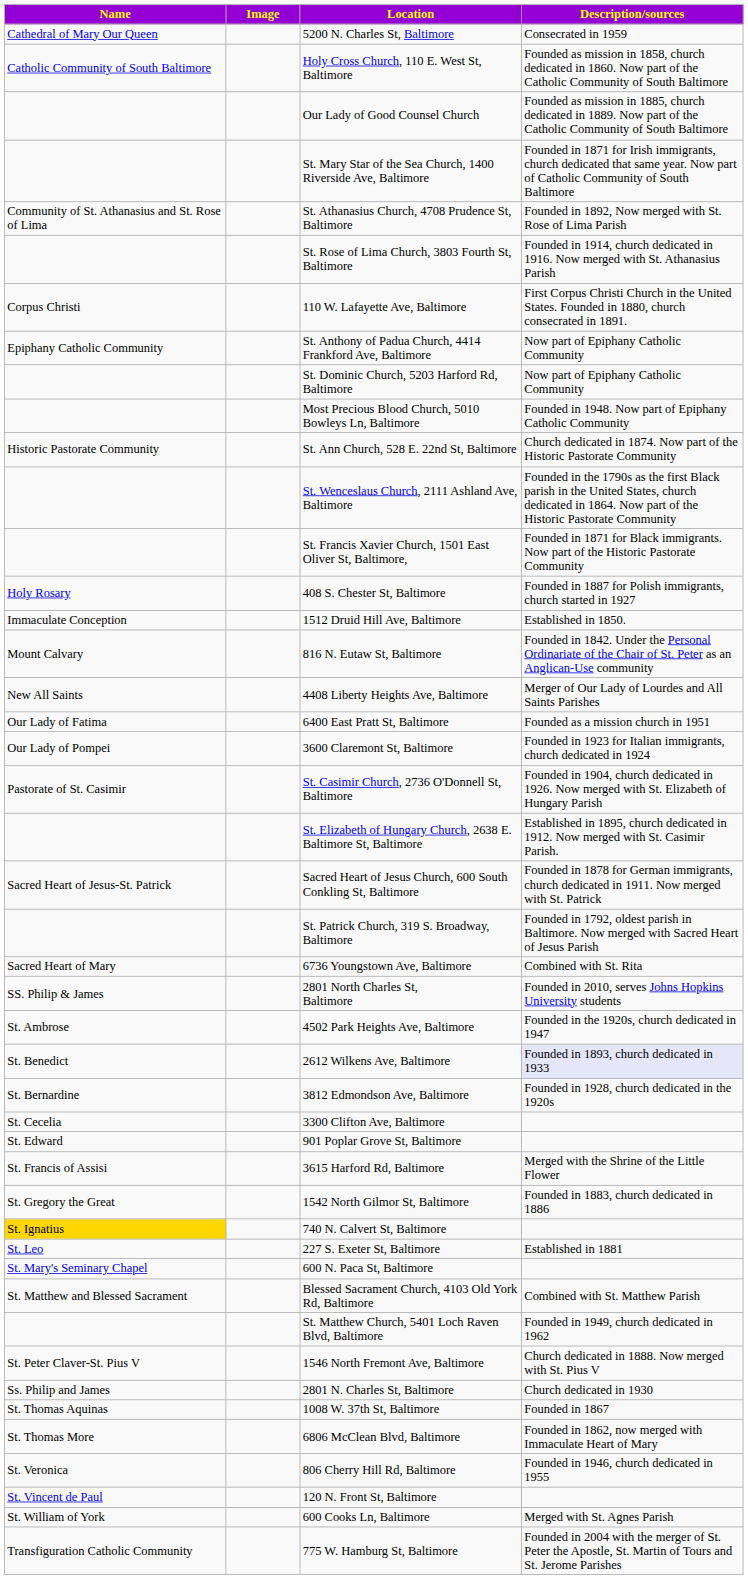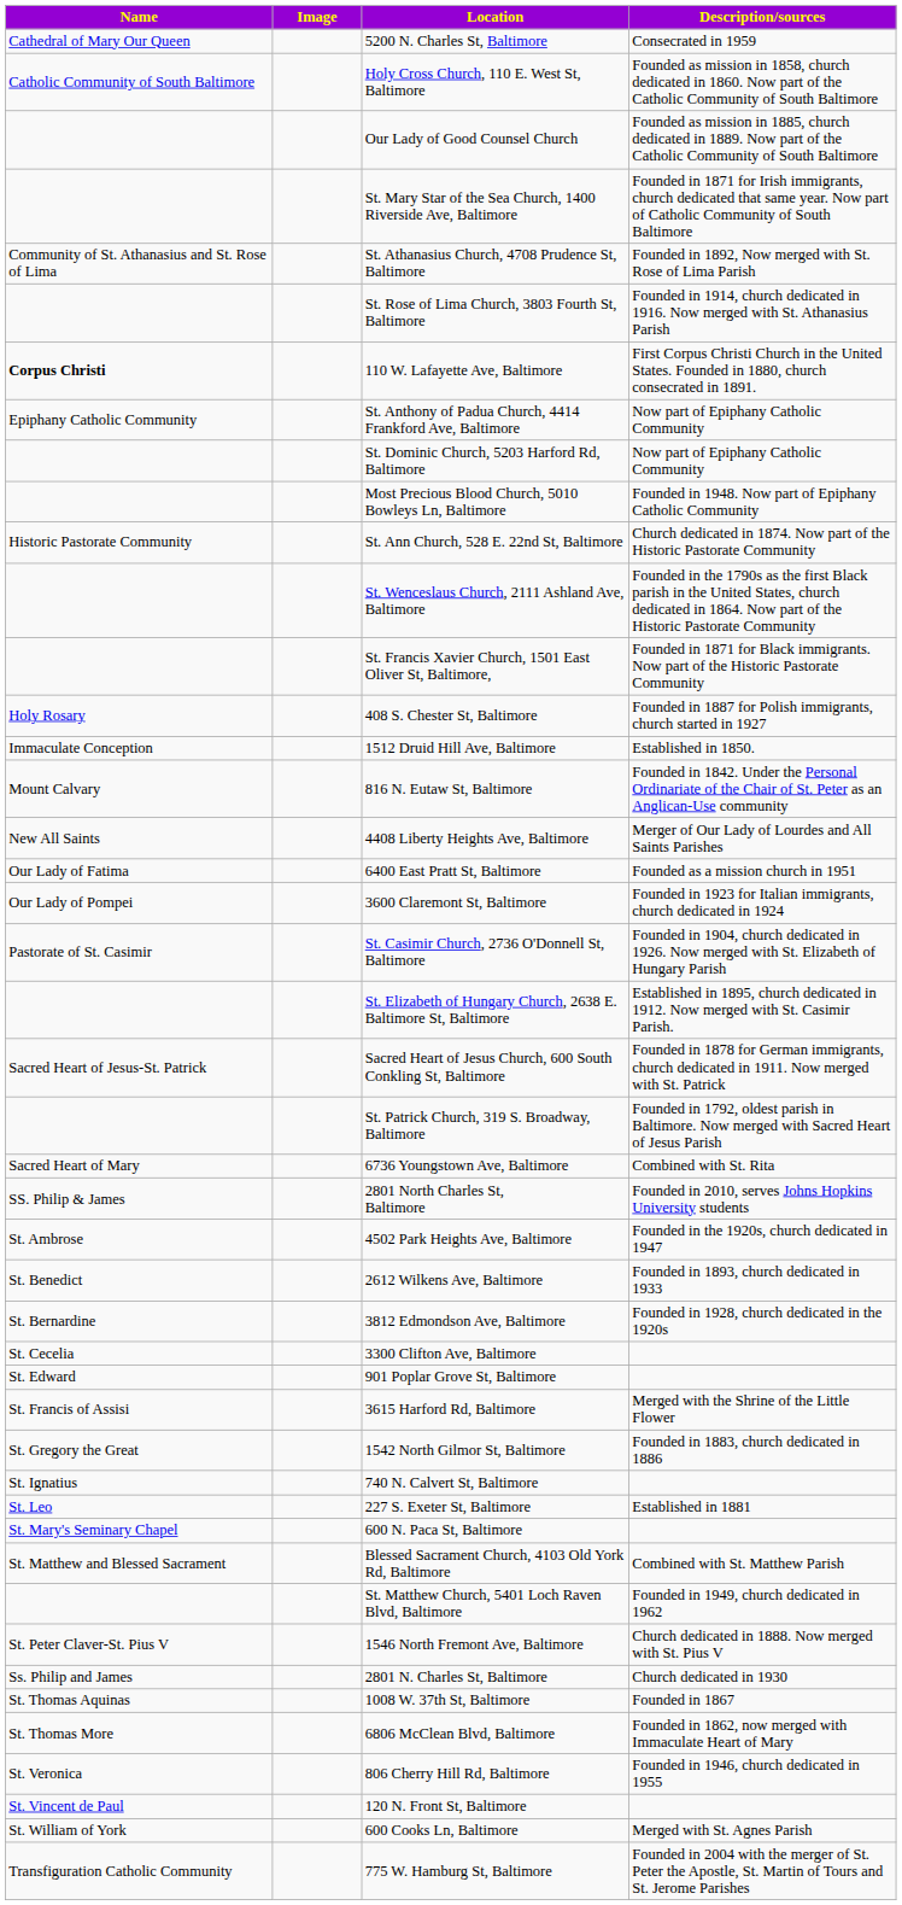 <table class="wikitable sortable" style="width:75%">
 <tr>
 <th style="background:darkviolet; color:yellow;" width="30%"><strong>Name</strong></th>
 <th style="background:darkviolet; color:yellow;" width="10%"><strong>Image</strong></th>
 <th style="background:darkviolet; color:yellow;" width="30%"><strong>Location</strong></th>
 <th style="background:darkviolet; color:yellow;" width="30%"><strong>Description/sources</strong></th>
 </tr>
 <tr>
 <td><a href='#'>Cathedral of Mary Our Queen</a></td>
 <td></td>
 <td>5200 N. Charles St, <a href='#'>Baltimore</a></td>
 <td>Consecrated in 1959</td>
 </tr>
 <tr>
 <td><a href='#'>Catholic Community of South Baltimore</a></td>
 <td></td>
 <td><a href='#'>Holy Cross Church</a>, 110 E. West St, Baltimore</td>
 <td>Founded as mission in 1858, church dedicated in 1860. Now part of the  Catholic Community of South Baltimore</td>
 </tr>
 <tr>
 <td></td>
 <td></td>
 <td>Our Lady of Good Counsel Church</td>
 <td>Founded as mission in 1885, church dedicated in 1889. Now part of the  Catholic Community of South Baltimore</td>
 </tr>
 <tr>
 <td></td>
 <td></td>
 <td>St. Mary Star of the Sea Church, 1400 Riverside Ave, Baltimore</td>
 <td>Founded in 1871 for Irish immigrants, church dedicated that same year. Now part of Catholic Community of South Baltimore</td>
 </tr>
 <tr>
 <td>Community of St. Athanasius and St. Rose of Lima</td>
 <td></td>
 <td>St. Athanasius Church, 4708 Prudence St, Baltimore</td>
 <td>Founded in 1892, Now merged with St. Rose of Lima Parish</td>
 </tr>
 <tr>
 <td></td>
 <td></td>
 <td>St. Rose of Lima Church, 3803 Fourth St, Baltimore</td>
 <td>Founded in 1914, church dedicated in 1916. Now merged with St. Athanasius Parish</td>
 </tr>
 <tr>
-<td>Corpus Christi</td>
+<td><strong>Corpus Christi</strong></td>
 <td></td>
 <td>110 W. Lafayette Ave, Baltimore</td>
 <td>First Corpus Christi Church in the United States. Founded in 1880, church consecrated in 1891.</td>
 </tr>
 <tr>
 <td>Epiphany Catholic Community</td>
 <td></td>
 <td>St. Anthony of Padua Church, 4414 Frankford Ave, Baltimore               </td>
 <td>Now part of Epiphany Catholic Community</td>
 </tr>
 <tr>
 <td></td>
 <td></td>
 <td>St. Dominic Church, 5203 Harford Rd, Baltimore</td>
 <td>Now part of Epiphany Catholic Community</td>
 </tr>
 <tr>
 <td></td>
 <td></td>
 <td>Most Precious Blood Church, 5010 Bowleys Ln, Baltimore</td>
 <td>Founded in 1948. Now part of Epiphany Catholic Community</td>
 </tr>
 <tr>
 <td>Historic Pastorate Community</td>
 <td></td>
 <td>St. Ann Church, 528 E. 22nd St, Baltimore</td>
 <td>Church dedicated in 1874. Now part of the Historic Pastorate Community</td>
 </tr>
 <tr>
 <td></td>
 <td></td>
 <td><a href='#'>St. Wenceslaus Church</a>, 2111 Ashland Ave, Baltimore</td>
 <td>Founded in the 1790s as the first Black parish in the United States, church dedicated in 1864. Now part of the Historic Pastorate Community</td>
 </tr>
 <tr>
 <td></td>
 <td></td>
 <td>St. Francis Xavier Church, 1501 East Oliver St, Baltimore,</td>
 <td>Founded in 1871 for Black immigrants. Now part of the Historic Pastorate Community</td>
 </tr>
 <tr>
 <td><a href='#'>Holy Rosary</a></td>
 <td></td>
 <td>408 S. Chester St, Baltimore</td>
 <td>Founded in 1887 for Polish immigrants, church started in 1927</td>
 </tr>
 <tr>
 <td>Immaculate Conception</td>
 <td></td>
 <td>1512 Druid Hill Ave, Baltimore</td>
 <td>Established in 1850.</td>
 </tr>
 <tr>
 <td>Mount Calvary</td>
 <td></td>
 <td>816 N. Eutaw St, Baltimore</td>
 <td>Founded in 1842. Under the <a href='#'>Personal Ordinariate of the Chair of St. Peter</a> as an <a href='#'>Anglican-Use</a> community</td>
 </tr>
 <tr>
 <td>New All Saints</td>
 <td></td>
 <td>4408 Liberty Heights Ave, Baltimore</td>
 <td>Merger of Our Lady of Lourdes and All Saints Parishes</td>
 </tr>
 <tr>
 <td>Our Lady of Fatima</td>
 <td></td>
 <td>6400 East Pratt St, Baltimore</td>
 <td>Founded as a mission church in 1951</td>
 </tr>
 <tr>
 <td>Our Lady of Pompei</td>
 <td></td>
 <td>3600 Claremont St, Baltimore</td>
 <td>Founded in 1923 for Italian immigrants, church dedicated in 1924</td>
 </tr>
 <tr>
 <td>Pastorate of St. Casimir</td>
 <td></td>
 <td><a href='#'>St. Casimir Church</a>, 2736 O'Donnell St, Baltimore</td>
 <td>Founded in 1904, church dedicated in 1926. Now merged with St. Elizabeth of Hungary Parish</td>
 </tr>
 <tr>
 <td></td>
 <td></td>
 <td><a href='#'>St. Elizabeth of Hungary Church</a>, 2638 E. Baltimore St, Baltimore</td>
 <td>Established in 1895, church dedicated in 1912. Now merged with St. Casimir Parish.</td>
 </tr>
 <tr>
 <td>Sacred Heart of Jesus-St. Patrick</td>
 <td></td>
 <td>Sacred Heart of Jesus Church, 600 South Conkling St, Baltimore</td>
 <td>Founded in 1878 for German immigrants, church dedicated in 1911.  Now merged with St. Patrick</td>
 </tr>
 <tr>
 <td></td>
 <td></td>
 <td>St. Patrick Church, 319 S. Broadway, Baltimore</td>
 <td>Founded in 1792, oldest parish in Baltimore. Now merged with Sacred Heart of Jesus Parish</td>
 </tr>
 <tr>
 <td>Sacred Heart of Mary</td>
 <td></td>
 <td>6736 Youngstown Ave, Baltimore</td>
 <td>Combined with St. Rita </td>
 </tr>
 <tr>
 <td>SS. Philip & James</td>
 <td></td>
 <td>2801 North Charles St,<br>Baltimore</td>
 <td>Founded in 2010, serves <a href='#'>Johns Hopkins University</a> students</td>
 </tr>
 <tr>
 <td>St. Ambrose</td>
 <td></td>
 <td>4502 Park Heights Ave, Baltimore</td>
 <td>Founded in the 1920s, church dedicated in 1947</td>
 </tr>
 <tr>
 <td>St. Benedict</td>
 <td></td>
 <td>2612 Wilkens Ave, Baltimore</td>
-<td style="background: lavender;">Founded in 1893, church dedicated in 1933</td>
+<td>Founded in 1893, church dedicated in 1933</td>
 </tr>
 <tr>
 <td>St. Bernardine</td>
 <td></td>
 <td>3812 Edmondson Ave, Baltimore</td>
 <td>Founded in 1928, church dedicated in the 1920s</td>
 </tr>
 <tr>
 <td>St. Cecelia</td>
 <td></td>
 <td>3300 Clifton Ave, Baltimore</td>
 <td></td>
 </tr>
 <tr>
 <td>St. Edward</td>
 <td></td>
 <td>901 Poplar Grove St, Baltimore</td>
 <td></td>
 </tr>
 <tr>
 <td>St. Francis of Assisi</td>
 <td></td>
 <td>3615 Harford Rd, Baltimore</td>
 <td>Merged with the Shrine of the Little Flower</td>
 </tr>
 <tr>
 <td>St. Gregory the Great</td>
 <td></td>
 <td>1542 North Gilmor St, Baltimore</td>
 <td>Founded in 1883, church dedicated in 1886</td>
 </tr>
 <tr>
-<td style="background: gold;">St. Ignatius</td>
+<td>St. Ignatius</td>
 <td></td>
 <td>740 N. Calvert St, Baltimore</td>
 <td></td>
 </tr>
 <tr>
 <td><a href='#'>St. Leo</a></td>
 <td></td>
 <td>227 S. Exeter St, Baltimore</td>
 <td>Established in 1881</td>
 </tr>
 <tr>
 <td><a href='#'>St. Mary's Seminary Chapel</a></td>
 <td></td>
 <td>600 N. Paca St, Baltimore</td>
 <td></td>
 </tr>
 <tr>
 <td>St. Matthew and Blessed Sacrament</td>
 <td></td>
 <td>Blessed Sacrament Church, 4103 Old York Rd, Baltimore</td>
 <td>Combined with St. Matthew Parish</td>
 </tr>
 <tr>
 <td></td>
 <td></td>
 <td>St. Matthew Church, 5401 Loch Raven Blvd, Baltimore</td>
 <td>Founded in 1949, church dedicated in 1962</td>
 </tr>
 <tr>
 <td>St. Peter Claver-St. Pius V</td>
 <td></td>
 <td>1546 North Fremont Ave, Baltimore</td>
 <td>Church dedicated in 1888. Now merged with St. Pius V</td>
 </tr>
 <tr>
 <td>Ss. Philip and James</td>
 <td></td>
 <td>2801 N. Charles St, Baltimore</td>
 <td>Church dedicated in 1930</td>
 </tr>
 <tr>
 <td>St. Thomas Aquinas</td>
 <td></td>
 <td>1008 W. 37th St, Baltimore</td>
 <td>Founded in 1867</td>
 </tr>
 <tr>
 <td>St. Thomas More</td>
 <td></td>
 <td>6806 McClean Blvd, Baltimore</td>
 <td>Founded in 1862, now merged with Immaculate Heart of Mary</td>
 </tr>
 <tr>
 <td>St. Veronica</td>
 <td></td>
 <td>806 Cherry Hill Rd, Baltimore</td>
 <td>Founded in 1946, church dedicated in 1955</td>
 </tr>
 <tr>
 <td><a href='#'>St. Vincent de Paul</a></td>
 <td></td>
 <td>120 N. Front St, Baltimore</td>
 <td></td>
 </tr>
 <tr>
 <td>St. William of York</td>
 <td></td>
 <td>600 Cooks Ln, Baltimore</td>
 <td>Merged with St. Agnes Parish</td>
 </tr>
 <tr>
 <td>Transfiguration Catholic Community</td>
 <td></td>
 <td>775 W. Hamburg St, Baltimore</td>
 <td>Founded in 2004 with the merger of St. Peter the Apostle, St. Martin of Tours and St. Jerome Parishes</td>
 </tr>
 </table>
